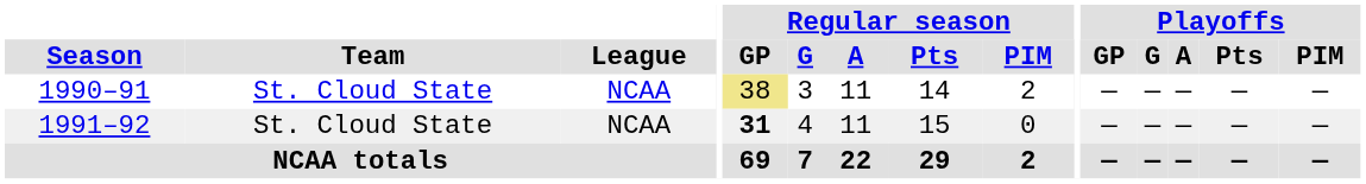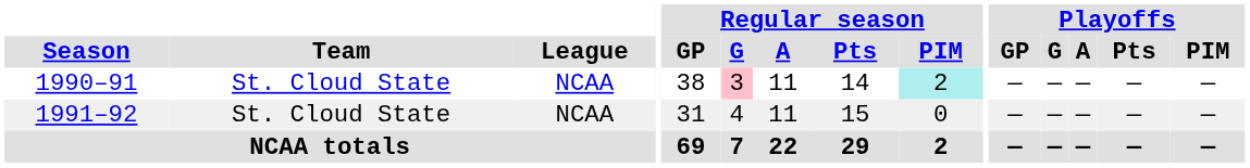 <table border="0" cellpadding="1" cellspacing="0" style="text-align:center; width:75%">
 <tr bgcolor="#e0e0e0">
 <th colspan="3" bgcolor="#ffffff"></th>
 <th rowspan="99" bgcolor="#ffffff"></th>
 <th colspan="5"><a href='#'>Regular season</a></th>
 <th rowspan="99" bgcolor="#ffffff"></th>
 <th colspan="5"><a href='#'>Playoffs</a></th>
 </tr>
 <tr bgcolor="#e0e0e0">
 <th><a href='#'>Season</a></th>
 <th>Team</th>
 <th>League</th>
 <th>GP</th>
 <th><a href='#'>G</a></th>
 <th><a href='#'>A</a></th>
 <th><a href='#'>Pts</a></th>
 <th><a href='#'>PIM</a></th>
 <th>GP</th>
 <th>G</th>
 <th>A</th>
 <th>Pts</th>
 <th>PIM</th>
 </tr>
 <tr ALIGN="center">
 <td><a href='#'>1990–91</a></td>
 <td><a href='#'>St. Cloud State</a></td>
 <td><a href='#'>NCAA</a></td>
-<td style="background: khaki;">38</td>
-<td>3</td>
+<td>38</td>
+<td style="background: pink;">3</td>
 <td>11</td>
 <td>14</td>
-<td>2</td>
+<td style="background: paleturquoise;">2</td>
 <td>—</td>
 <td>—</td>
 <td>—</td>
 <td>—</td>
 <td>—</td>
 </tr>
 <tr ALIGN="center" bgcolor="#f0f0f0">
 <td><a href='#'>1991–92</a></td>
 <td>St. Cloud State</td>
 <td>NCAA</td>
-<td><strong>31</strong></td>
+<td>31</td>
 <td>4</td>
 <td>11</td>
 <td>15</td>
 <td>0</td>
 <td>—</td>
 <td>—</td>
 <td>—</td>
 <td>—</td>
 <td>—</td>
 </tr>
 <tr bgcolor="#e0e0e0">
 <th colspan="3">NCAA totals</th>
 <th>69</th>
 <th>7</th>
 <th>22</th>
 <th>29</th>
 <th>2</th>
 <th>—</th>
 <th>—</th>
 <th>—</th>
 <th>—</th>
 <th>—</th>
 </tr>
 </table>
